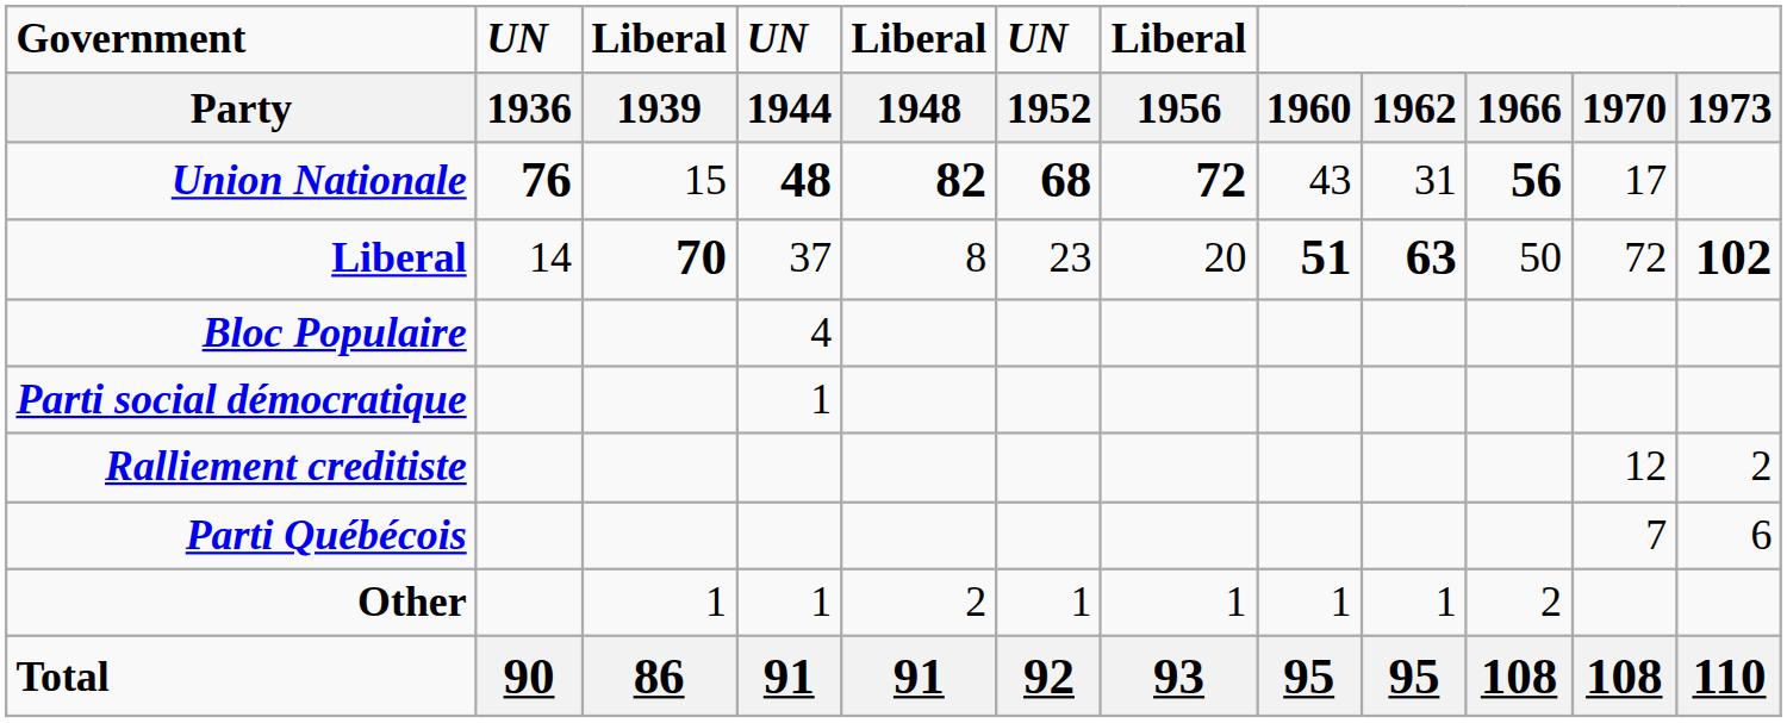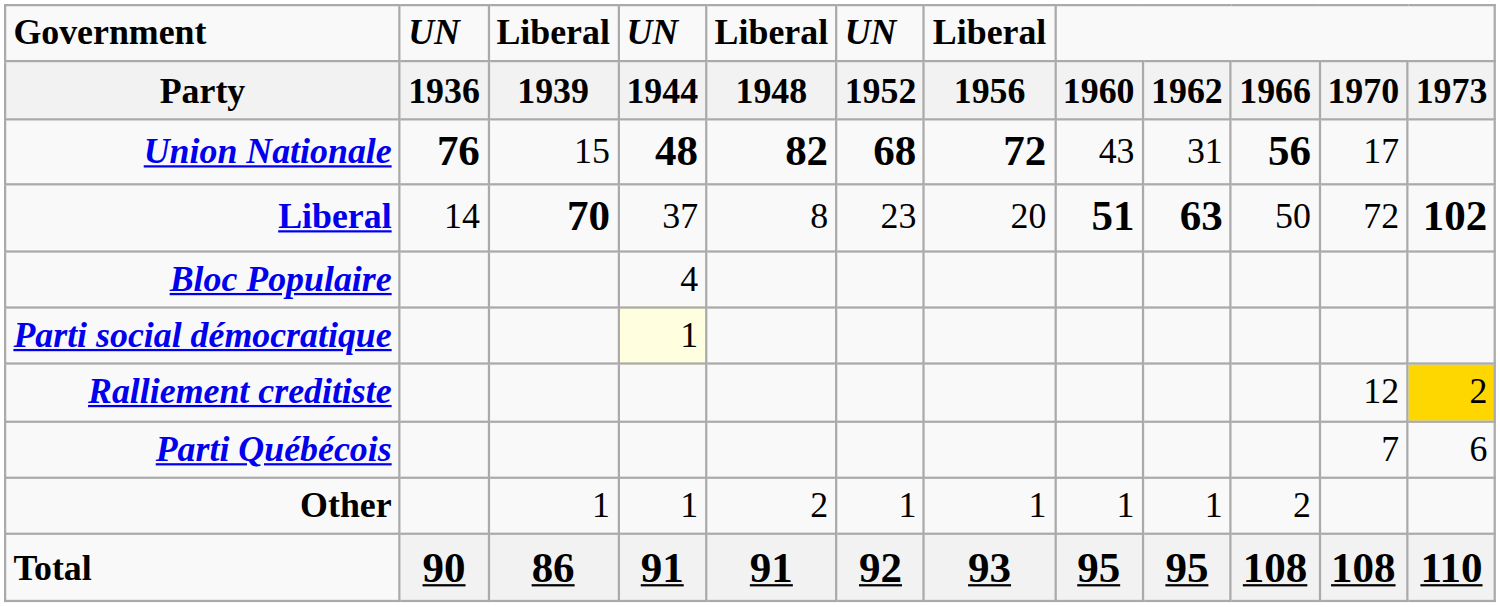 <table class="wikitable">
 <tr>
 <td><strong>Government</strong></td>
 <td><strong><em>UN</em></strong></td>
 <td><strong>Liberal</strong></td>
 <td><strong><em>UN</em></strong></td>
 <td><strong>Liberal</strong></td>
 <td><strong><em>UN</em></strong></td>
 <td><strong>Liberal</strong></td>
 </tr>
 <tr>
 <th>Party</th>
 <th>1936</th>
 <th>1939</th>
 <th>1944</th>
 <th>1948</th>
 <th>1952</th>
 <th>1956</th>
 <th>1960</th>
 <th>1962</th>
 <th>1966</th>
 <th>1970</th>
 <th>1973</th>
 </tr>
 <tr align = "right">
 <td><strong><em><a href='#'>Union Nationale</a></em></strong></td>
 <td><strong><big>76</big></strong></td>
 <td>15</td>
 <td><strong><big>48</big></strong></td>
 <td><strong><big>82</big></strong></td>
 <td><strong><big>68</big></strong></td>
 <td><strong><big>72</big></strong></td>
 <td>43</td>
 <td>31</td>
 <td><strong><big>56</big></strong></td>
 <td>17</td>
 <td></td>
 </tr>
 <tr align = "right">
 <td><strong><a href='#'>Liberal</a></strong></td>
 <td>14</td>
 <td><strong><big>70</big></strong></td>
 <td>37</td>
 <td>8</td>
 <td>23</td>
 <td>20</td>
 <td><strong><big>51</big></strong></td>
 <td><strong><big>63</big></strong></td>
 <td>50</td>
 <td>72</td>
 <td><strong><big>102</big></strong></td>
 </tr>
 <tr align = "right">
 <td><strong><em><a href='#'>Bloc Populaire</a></em></strong></td>
 <td></td>
 <td></td>
 <td>4</td>
 <td></td>
 <td></td>
 <td></td>
 <td></td>
 <td></td>
 <td></td>
 <td></td>
 <td></td>
 </tr>
 <tr align = "right">
 <td><strong><em><a href='#'>Parti social démocratique</a></em></strong></td>
 <td></td>
 <td></td>
-<td>1</td>
+<td style="background: lightyellow;">1</td>
 <td></td>
 <td></td>
 <td></td>
 <td></td>
 <td></td>
 <td></td>
 <td></td>
 <td></td>
 </tr>
 <tr align = "right">
 <td><strong><em><a href='#'>Ralliement creditiste</a></em></strong></td>
 <td></td>
 <td></td>
 <td></td>
 <td></td>
 <td></td>
 <td></td>
 <td></td>
 <td></td>
 <td></td>
 <td>12</td>
-<td>2</td>
+<td style="background: gold;">2</td>
 </tr>
 <tr align = "right">
 <td><strong><em><a href='#'>Parti Québécois</a></em></strong></td>
 <td></td>
 <td></td>
 <td></td>
 <td></td>
 <td></td>
 <td></td>
 <td></td>
 <td></td>
 <td></td>
 <td>7</td>
 <td>6</td>
 </tr>
 <tr align = "right">
 <td><strong>Other</strong></td>
 <td></td>
 <td>1</td>
 <td>1</td>
 <td>2</td>
 <td>1</td>
 <td>1</td>
 <td>1</td>
 <td>1</td>
 <td>2</td>
 <td></td>
 <td></td>
 </tr>
 <tr align = "right">
 <td align="left"><strong>Total</strong></td>
 <th><strong><u><big>90</big></u></strong></th>
 <th><strong><u><big>86</big></u></strong></th>
 <th><strong><u><big>91</big></u></strong></th>
 <th><strong><u><big>91</big></u></strong></th>
 <th><strong><u><big>92</big></u></strong></th>
 <th><strong><u><big>93</big></u></strong></th>
 <th><strong><u><big>95</big></u></strong></th>
 <th><strong><u><big>95</big></u></strong></th>
 <th><strong><u><big>108</big></u></strong></th>
 <th><strong><u><big>108</big></u></strong></th>
 <th><strong><u><big>110</big></u></strong></th>
 </tr>
 </table>
